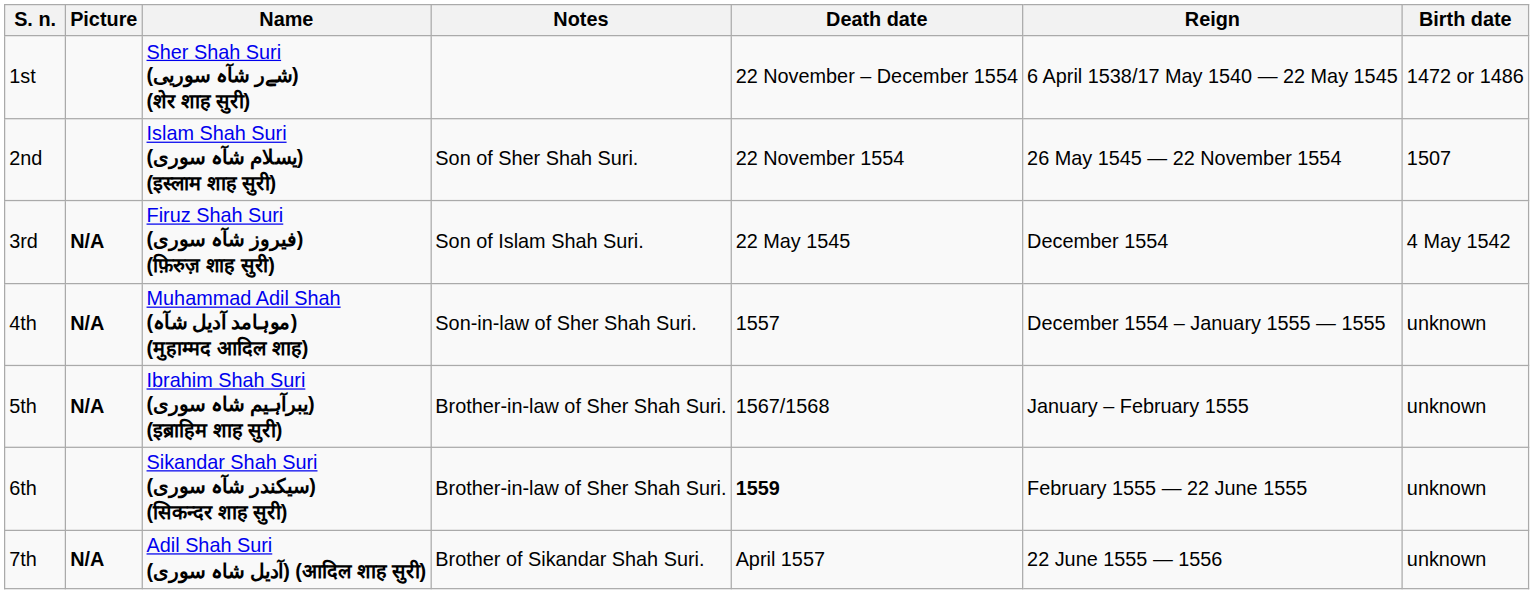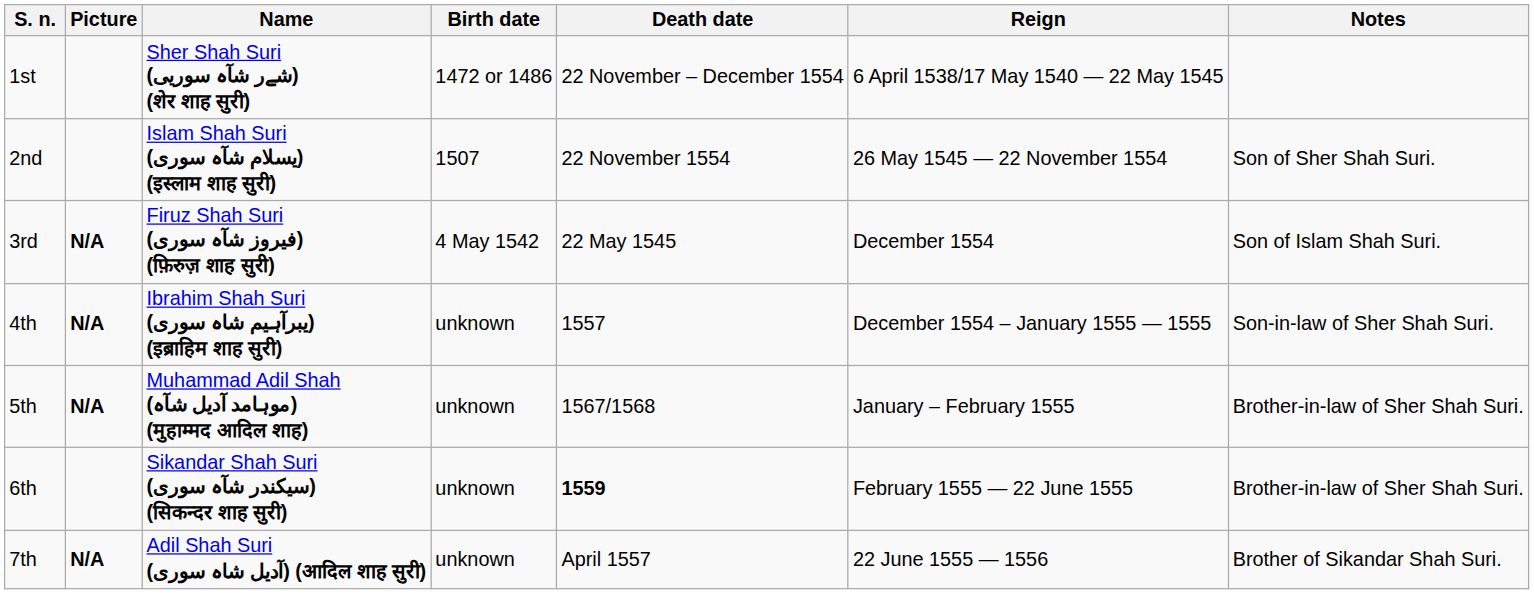 <table class=wikitable>
 <tr>
 <th width="4%" bgcolor="#CEDFF2">S. n.</th>
 <th bgcolor="#CEDFF2">Picture</th>
 <th bgcolor="#CEDFF2">Name</th>
-<th bgcolor="#CEDFF2">Notes</th>
+<th bgcolor="#CEDFF2">Birth date</th>
 <th bgcolor="#CEDFF2">Death date</th>
 <th bgcolor="#CEDFF2">Reign</th>
-<th bgcolor="#CEDFF2">Birth date</th>
+<th bgcolor="#CEDFF2">Notes</th>
 </tr>
 <tr>
 <td>1st</td>
 <td></td>
 <td><a href='#'>Sher Shah Suri</a><br><strong>(شےر شآہ سوریی)</strong><br><strong>(शेर शाह सुरी)</strong></td>
-<td></td>
+<td>1472 or 1486</td>
 <td>22 November – December 1554</td>
 <td>6 April 1538/17 May 1540 — 22 May 1545</td>
-<td>1472 or 1486</td>
+<td></td>
 </tr>
 <tr>
 <td>2nd</td>
 <td></td>
 <td><a href='#'>Islam Shah Suri</a><br><strong>(یسلام شآہ سوری)</strong><br><strong>(इस्लाम शाह सुरी)</strong></td>
-<td>Son of Sher Shah Suri.</td>
+<td>1507</td>
 <td>22 November 1554</td>
 <td>26 May 1545 — 22 November 1554</td>
-<td>1507</td>
+<td>Son of Sher Shah Suri.</td>
 </tr>
 <tr>
 <td>3rd</td>
 <td><strong>N/A</strong></td>
 <td><a href='#'>Firuz Shah Suri</a><br><strong>(فیروز شآہ سوری)</strong><br><strong>(फ़िरुज़ शाह सुरी)</strong></td>
-<td>Son of Islam Shah Suri.</td>
+<td>4 May 1542</td>
 <td>22 May 1545</td>
 <td>December 1554</td>
-<td>4 May 1542</td>
+<td>Son of Islam Shah Suri.</td>
 </tr>
 <tr>
 <td>4th</td>
 <td><strong>N/A</strong></td>
-<td><a href='#'>Muhammad Adil Shah</a><br><strong>(موہامد آدیل شآہ)</strong><br><strong>(मुहाम्मद आदिल शाह)</strong></td>
-<td>Son-in-law of Sher Shah Suri.</td>
+<td><a href='#'>Ibrahim Shah Suri</a><br><strong>(یبرآہیم شاہ سوری)</strong><br><strong>(इब्राहिम शाह सुरी)</strong></td>
+<td>unknown</td>
 <td>1557</td>
 <td>December 1554 – January 1555 — 1555</td>
-<td>unknown</td>
+<td>Son-in-law of Sher Shah Suri.</td>
 </tr>
 <tr>
 <td>5th</td>
 <td><strong>N/A</strong></td>
-<td><a href='#'>Ibrahim Shah Suri</a><br><strong>(یبرآہیم شاہ سوری)</strong><br><strong>(इब्राहिम शाह सुरी)</strong></td>
-<td>Brother-in-law of Sher Shah Suri.</td>
+<td><a href='#'>Muhammad Adil Shah</a><br><strong>(موہامد آدیل شآہ)</strong><br><strong>(मुहाम्मद आदिल शाह)</strong></td>
+<td>unknown</td>
 <td>1567/1568</td>
 <td>January – February 1555</td>
-<td>unknown</td>
+<td>Brother-in-law of Sher Shah Suri.</td>
 </tr>
 <tr>
 <td>6th</td>
 <td></td>
 <td><a href='#'>Sikandar Shah Suri</a><br><strong>(سیکندر شآہ سوری)</strong><br><strong>(सिकन्दर शाह सुरी)</strong></td>
-<td>Brother-in-law of Sher Shah Suri.</td>
+<td>unknown</td>
 <td><strong>1559</strong></td>
 <td>February 1555 — 22 June 1555</td>
-<td>unknown</td>
+<td>Brother-in-law of Sher Shah Suri.</td>
 </tr>
 <tr>
 <td>7th</td>
 <td><strong>N/A</strong></td>
 <td><a href='#'>Adil Shah Suri</a><br><strong>(آدیل شاہ سوری)</strong> <strong>(आदिल शाह सुरी)</strong></td>
-<td>Brother of Sikandar Shah Suri.</td>
+<td>unknown</td>
 <td>April 1557</td>
 <td>22 June 1555 — 1556</td>
-<td>unknown</td>
+<td>Brother of Sikandar Shah Suri.</td>
 </tr>
 </table>
